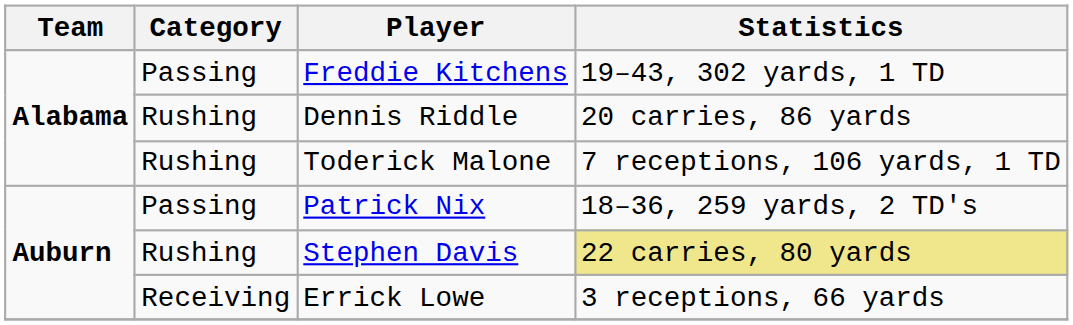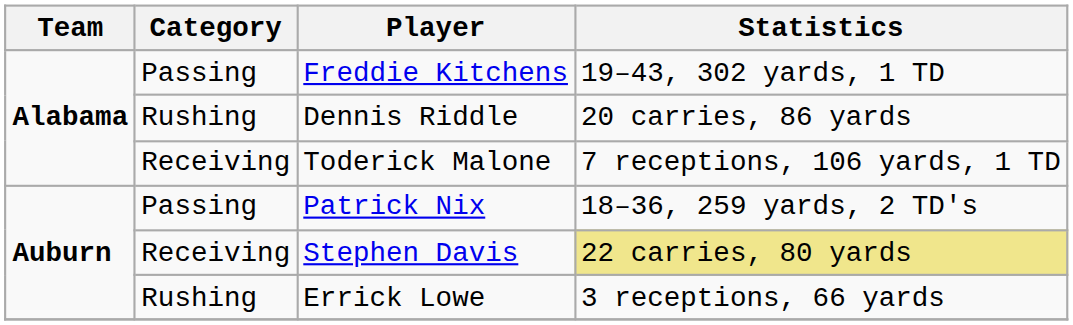 <table class="wikitable" style="float: right;">
 <tr>
 <th>Team</th>
 <th>Category</th>
 <th>Player</th>
 <th>Statistics</th>
 </tr>
 <tr>
 <td rowspan=3><strong>Alabama</strong></td>
 <td>Passing</td>
 <td><a href='#'>Freddie Kitchens</a></td>
 <td>19–43, 302 yards, 1 TD</td>
 </tr>
 <tr>
 <td>Rushing</td>
 <td>Dennis Riddle</td>
 <td>20 carries, 86 yards</td>
 </tr>
 <tr>
-<td>Rushing</td>
+<td>Receiving</td>
 <td>Toderick Malone</td>
 <td>7 receptions, 106 yards, 1 TD</td>
 </tr>
 <tr>
 <td rowspan=3><strong>Auburn</strong></td>
 <td>Passing</td>
 <td><a href='#'>Patrick Nix</a></td>
 <td>18–36, 259 yards, 2 TD's</td>
 </tr>
 <tr>
-<td>Rushing</td>
+<td>Receiving</td>
 <td><a href='#'>Stephen Davis</a></td>
 <td style="background: khaki;">22 carries, 80 yards</td>
 </tr>
 <tr>
-<td>Receiving</td>
+<td>Rushing</td>
 <td>Errick Lowe</td>
 <td>3 receptions, 66 yards</td>
 </tr>
 <tr>
 </tr>
 </table>
